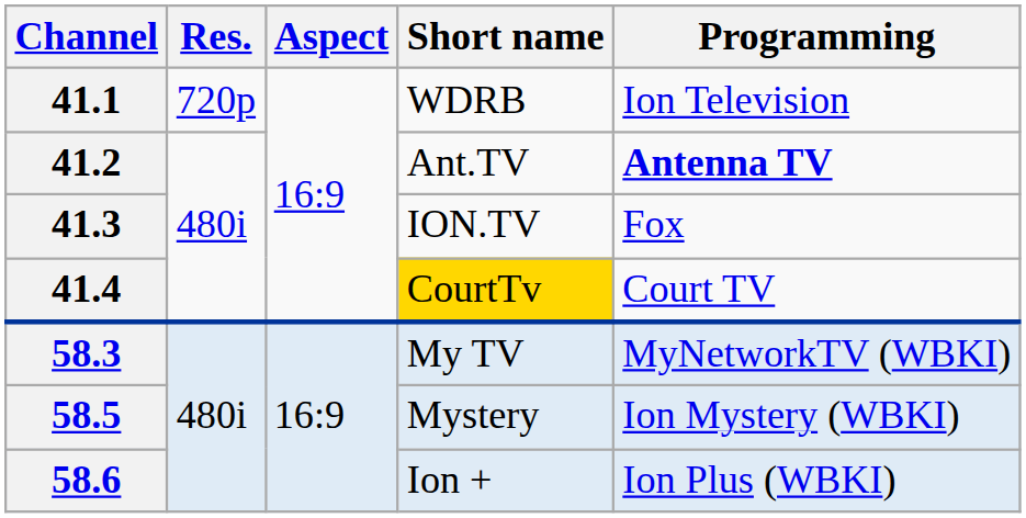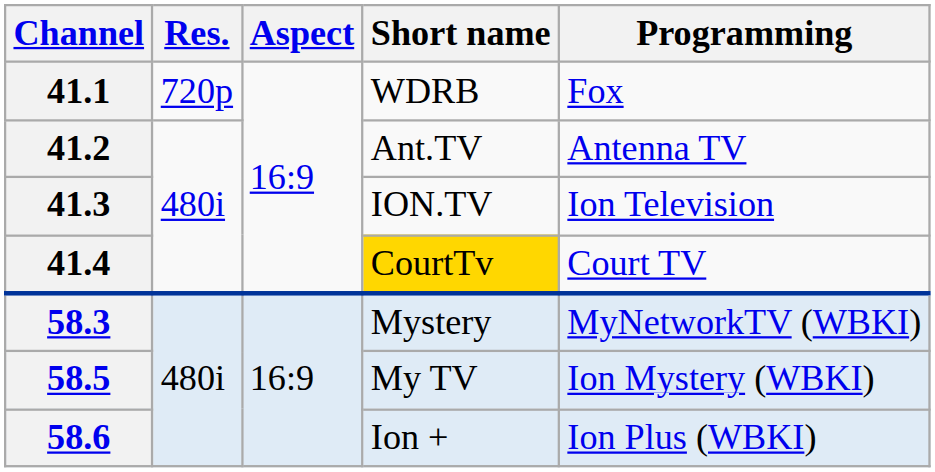 <table class="wikitable">
 <tr>
 <th scope = "col"><a href='#'>Channel</a></th>
 <th scope = "col"><a href='#'>Res.</a></th>
 <th scope = "col"><a href='#'>Aspect</a></th>
 <th scope = "col">Short name</th>
 <th scope = "col">Programming</th>
 </tr>
 <tr>
 <th scope = "row">41.1</th>
 <td><a href='#'>720p</a></td>
 <td rowspan="4"><a href='#'>16:9</a></td>
 <td>WDRB</td>
-<td><a href='#'>Ion Television</a></td>
+<td><a href='#'>Fox</a></td>
 </tr>
 <tr>
 <th scope = "row">41.2</th>
 <td rowspan="3"><a href='#'>480i</a></td>
 <td>Ant.TV</td>
-<td><strong><a href='#'>Antenna TV</a></strong></td>
+<td><a href='#'>Antenna TV</a></td>
 </tr>
 <tr>
 <th scope = "row">41.3</th>
 <td>ION.TV</td>
-<td><a href='#'>Fox</a></td>
+<td><a href='#'>Ion Television</a></td>
 </tr>
 <tr>
 <th scope = "row">41.4</th>
 <td style="background: gold;">CourtTv</td>
 <td><a href='#'>Court TV</a></td>
 </tr>
 <tr style="background-color:#DFEBF6; border-top: 2px solid #003399;">
 <th scope = "row"><a href='#'>58.3</a></th>
 <td rowspan="3">480i</td>
 <td rowspan="3">16:9</td>
-<td>My TV</td>
+<td>Mystery</td>
 <td><a href='#'>MyNetworkTV</a> (<a href='#'>WBKI</a>)</td>
 </tr>
 <tr style="background-color:#DFEBF6;">
 <th scope = "row"><a href='#'>58.5</a></th>
-<td>Mystery</td>
+<td>My TV</td>
 <td><a href='#'>Ion Mystery</a> (<a href='#'>WBKI</a>)</td>
 </tr>
 <tr style="background-color:#DFEBF6;">
 <th scope = "row"><a href='#'>58.6</a></th>
 <td>Ion +</td>
 <td><a href='#'>Ion Plus</a> (<a href='#'>WBKI</a>)</td>
 </tr>
 </table>
